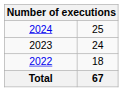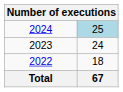 <table class="wikitable" style="text-align:center;">
 <tr>
 <th ! colspan="2">Number of executions</th>
 </tr>
 <tr>
 <td><a href='#'>2024</a></td>
-<td>25</td>
+<td style="background: lightblue;">25</td>
 </tr>
 <tr>
 <td>2023</td>
 <td>24</td>
 </tr>
 <tr>
 <td><a href='#'>2022</a></td>
 <td>18</td>
 </tr>
 <tr>
 <th>Total</th>
 <th>67</th>
 </tr>
 </table>
